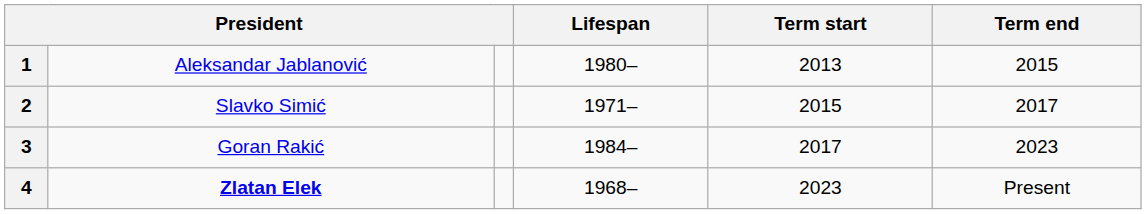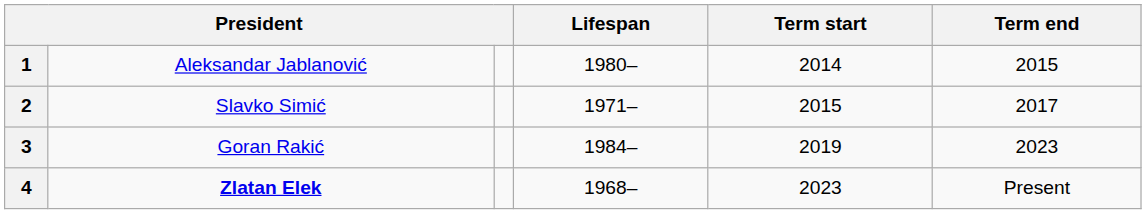 <table class="wikitable collapsible collapsed" style="text-align:center; width:75%; line-height:166%; margin-bottom:0">
 <tr>
 <th Colspan=3>President</th>
 <th>Lifespan</th>
 <th>Term start</th>
 <th>Term end</th>
 </tr>
 <tr>
 <th style="background:">1</th>
 <td><a href='#'>Aleksandar Jablanović</a></td>
 <td></td>
 <td>1980–</td>
-<td>2013</td>
+<td>2014</td>
 <td>2015</td>
 </tr>
 <tr>
 <th style="background:">2</th>
 <td><a href='#'>Slavko Simić</a></td>
 <td></td>
 <td>1971–</td>
 <td>2015</td>
 <td>2017</td>
 </tr>
 <tr>
 <th style="background:">3</th>
 <td><a href='#'>Goran Rakić</a></td>
 <td></td>
 <td>1984–</td>
-<td>2017</td>
+<td>2019</td>
 <td>2023</td>
 </tr>
 <tr>
 <th style="background:">4</th>
 <td><strong><a href='#'>Zlatan Elek</a></strong></td>
 <td></td>
 <td>1968–</td>
 <td>2023</td>
 <td>Present</td>
 </tr>
 </table>
